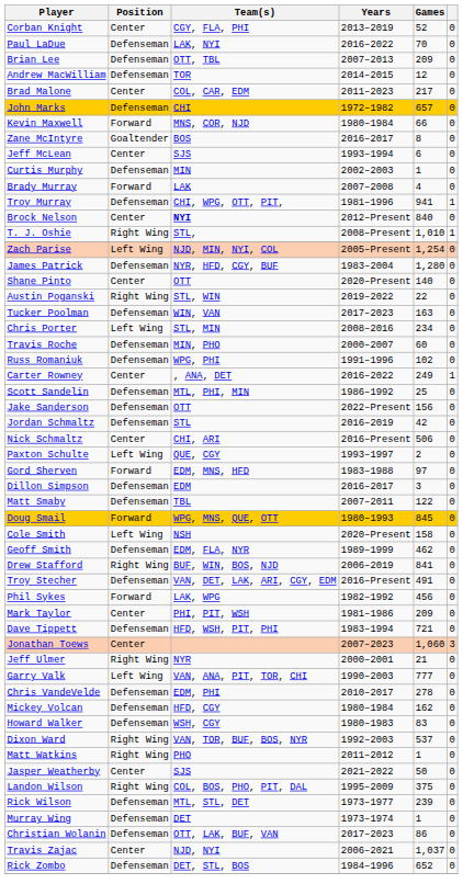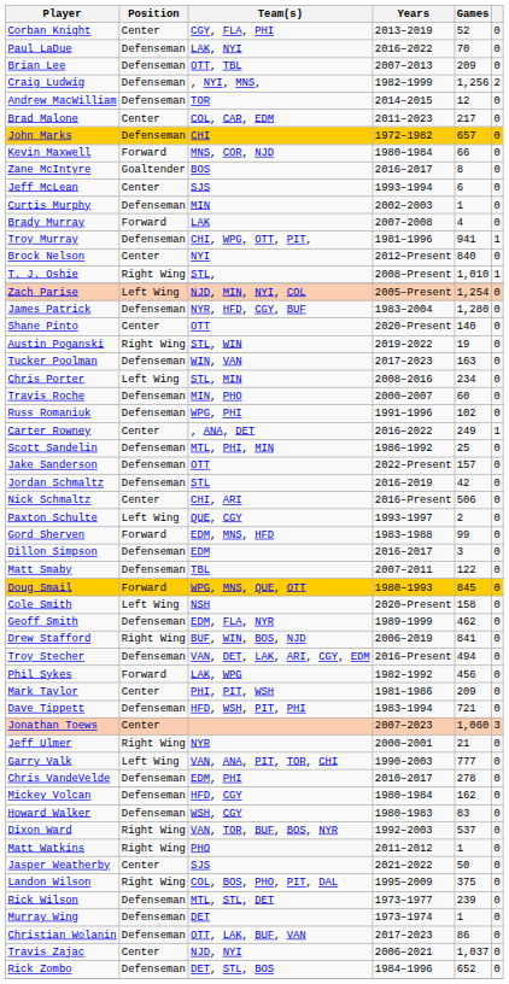 <table class="wikitable sortable">
 <tr>
 <th>Player</th>
 <th>Position</th>
 <th>Team(s)</th>
 <th>Years</th>
 <th>Games</th>
 <th><a href='#'></a></th>
 </tr>
 <tr>
 <td><a href='#'>Corban Knight</a></td>
 <td>Center</td>
 <td><a href='#'>CGY</a>, <a href='#'>FLA</a>, <a href='#'>PHI</a></td>
 <td>2013–2019</td>
 <td>52</td>
 <td>0</td>
 </tr>
 <tr>
 <td><a href='#'>Paul LaDue</a></td>
 <td>Defenseman</td>
 <td><a href='#'>LAK</a>, <a href='#'>NYI</a></td>
 <td>2016–2022</td>
 <td>70</td>
 <td>0</td>
 </tr>
 <tr>
 <td><a href='#'>Brian Lee</a></td>
 <td>Defenseman</td>
 <td><a href='#'>OTT</a>, <a href='#'>TBL</a></td>
 <td>2007–2013</td>
 <td>209</td>
 <td>0</td>
+</tr>
+<tr>
+<td><a href='#'>Craig Ludwig</a></td>
+<td>Defenseman</td>
+<td><span><strong></strong></span>, <a href='#'>NYI</a>, <a href='#'>MNS</a>, <span><strong></strong></span></td>
+<td>1982–1999</td>
+<td>1,256</td>
+<td>2</td>
 </tr>
 <tr>
 <td><a href='#'>Andrew MacWilliam</a></td>
 <td>Defenseman</td>
 <td><a href='#'>TOR</a></td>
 <td>2014–2015</td>
 <td>12</td>
 <td>0</td>
 </tr>
 <tr>
 <td><a href='#'>Brad Malone</a></td>
 <td>Center</td>
 <td><a href='#'>COL</a>, <a href='#'>CAR</a>, <a href='#'>EDM</a></td>
 <td>2011–2023</td>
 <td>217</td>
 <td>0</td>
 </tr>
 <tr bgcolor=#FFCC00>
 <td><a href='#'>John Marks</a></td>
 <td>Defenseman</td>
 <td><a href='#'>CHI</a></td>
 <td>1972–1982</td>
 <td>657</td>
 <td>0</td>
 </tr>
 <tr>
 <td><a href='#'>Kevin Maxwell</a></td>
 <td>Forward</td>
 <td><a href='#'>MNS</a>, <a href='#'>COR</a>, <a href='#'>NJD</a></td>
 <td>1980–1984</td>
 <td>66</td>
 <td>0</td>
 </tr>
 <tr>
 <td><a href='#'>Zane McIntyre</a></td>
 <td>Goaltender</td>
 <td><a href='#'>BOS</a></td>
 <td>2016–2017</td>
 <td>8</td>
 <td>0</td>
 </tr>
 <tr>
 <td><a href='#'>Jeff McLean</a></td>
 <td>Center</td>
 <td><a href='#'>SJS</a></td>
 <td>1993–1994</td>
 <td>6</td>
 <td>0</td>
 </tr>
 <tr>
 <td><a href='#'>Curtis Murphy</a></td>
 <td>Defenseman</td>
 <td><a href='#'>MIN</a></td>
 <td>2002–2003</td>
 <td>1</td>
 <td>0</td>
 </tr>
 <tr>
 <td><a href='#'>Brady Murray</a></td>
 <td>Forward</td>
 <td><a href='#'>LAK</a></td>
 <td>2007–2008</td>
 <td>4</td>
 <td>0</td>
 </tr>
 <tr>
 <td><a href='#'>Troy Murray</a></td>
 <td>Defenseman</td>
 <td><a href='#'>CHI</a>, <a href='#'>WPG</a>, <a href='#'>OTT</a>, <a href='#'>PIT</a>, <span><strong></strong></span></td>
 <td>1981–1996</td>
 <td>941</td>
 <td>1</td>
 </tr>
 <tr>
 <td><a href='#'>Brock Nelson</a></td>
 <td>Center</td>
-<td><strong><a href='#'>NYI</a></strong></td>
+<td><a href='#'>NYI</a></td>
 <td>2012–Present</td>
 <td>840</td>
 <td>0</td>
 </tr>
 <tr>
 <td><a href='#'>T. J. Oshie</a></td>
 <td>Right Wing</td>
 <td><a href='#'>STL</a>, <span><strong></strong></span></td>
 <td>2008–Present</td>
 <td>1,010</td>
 <td>1</td>
 </tr>
 <tr>
 </tr>
 <tr bgcolor=FBCEB1>
 <td><a href='#'>Zach Parise</a></td>
 <td>Left Wing</td>
 <td><a href='#'>NJD</a>, <a href='#'>MIN</a>, <a href='#'>NYI</a>, <a href='#'>COL</a></td>
 <td>2005–Present</td>
 <td>1,254</td>
 <td>0</td>
 </tr>
 <tr>
 <td><a href='#'>James Patrick</a></td>
 <td>Defenseman</td>
 <td><a href='#'>NYR</a>, <a href='#'>HFD</a>, <a href='#'>CGY</a>, <a href='#'>BUF</a></td>
 <td>1983–2004</td>
 <td>1,280</td>
 <td>0</td>
 </tr>
 <tr>
 <td><a href='#'>Shane Pinto</a></td>
 <td>Center</td>
 <td><a href='#'>OTT</a></td>
 <td>2020–Present</td>
 <td>140</td>
 <td>0</td>
 </tr>
 <tr>
 <td><a href='#'>Austin Poganski</a></td>
 <td>Right Wing</td>
 <td><a href='#'>STL</a>, <a href='#'>WIN</a></td>
 <td>2019–2022</td>
-<td>22</td>
+<td>19</td>
 <td>0</td>
 </tr>
 <tr>
 <td><a href='#'>Tucker Poolman</a></td>
 <td>Defenseman</td>
 <td><a href='#'>WIN</a>, <a href='#'>VAN</a></td>
 <td>2017–2023</td>
 <td>163</td>
 <td>0</td>
 </tr>
 <tr>
 <td><a href='#'>Chris Porter</a></td>
 <td>Left Wing</td>
 <td><a href='#'>STL</a>, <a href='#'>MIN</a></td>
 <td>2008–2016</td>
 <td>234</td>
 <td>0</td>
 </tr>
 <tr>
 <td><a href='#'>Travis Roche</a></td>
 <td>Defenseman</td>
 <td><a href='#'>MIN</a>, <a href='#'>PHO</a></td>
 <td>2000–2007</td>
 <td>60</td>
 <td>0</td>
 </tr>
 <tr>
 <td><a href='#'>Russ Romaniuk</a></td>
 <td>Defenseman</td>
 <td><a href='#'>WPG</a>, <a href='#'>PHI</a></td>
 <td>1991–1996</td>
 <td>102</td>
 <td>0</td>
 </tr>
 <tr>
 <td><a href='#'>Carter Rowney</a></td>
 <td>Center</td>
 <td><span><strong></strong></span>, <a href='#'>ANA</a>, <a href='#'>DET</a></td>
 <td>2016–2022</td>
 <td>249</td>
 <td>1</td>
 </tr>
 <tr>
 <td><a href='#'>Scott Sandelin</a></td>
 <td>Defenseman</td>
 <td><a href='#'>MTL</a>, <a href='#'>PHI</a>, <a href='#'>MIN</a></td>
 <td>1986–1992</td>
 <td>25</td>
 <td>0</td>
 </tr>
 <tr>
 <td><a href='#'>Jake Sanderson</a></td>
 <td>Defenseman</td>
 <td><a href='#'>OTT</a></td>
 <td>2022–Present</td>
-<td>156</td>
+<td>157</td>
 <td>0</td>
 </tr>
 <tr>
 <td><a href='#'>Jordan Schmaltz</a></td>
 <td>Defenseman</td>
 <td><a href='#'>STL</a></td>
 <td>2016–2019</td>
 <td>42</td>
 <td>0</td>
 </tr>
 <tr>
 <td><a href='#'>Nick Schmaltz</a></td>
 <td>Center</td>
 <td><a href='#'>CHI</a>, <a href='#'>ARI</a></td>
 <td>2016–Present</td>
 <td>506</td>
 <td>0</td>
 </tr>
 <tr>
 <td><a href='#'>Paxton Schulte</a></td>
 <td>Left Wing</td>
 <td><a href='#'>QUE</a>, <a href='#'>CGY</a></td>
 <td>1993–1997</td>
 <td>2</td>
 <td>0</td>
 </tr>
 <tr>
 <td><a href='#'>Gord Sherven</a></td>
 <td>Forward</td>
 <td><a href='#'>EDM</a>, <a href='#'>MNS</a>, <a href='#'>HFD</a></td>
 <td>1983–1988</td>
-<td>97</td>
+<td>99</td>
 <td>0</td>
 </tr>
 <tr>
 <td><a href='#'>Dillon Simpson</a></td>
 <td>Defenseman</td>
 <td><a href='#'>EDM</a></td>
 <td>2016–2017</td>
 <td>3</td>
 <td>0</td>
 </tr>
 <tr>
 <td><a href='#'>Matt Smaby</a></td>
 <td>Defenseman</td>
 <td><a href='#'>TBL</a></td>
 <td>2007–2011</td>
 <td>122</td>
 <td>0</td>
 </tr>
 <tr bgcolor=#FFCC00>
 <td><a href='#'>Doug Smail</a></td>
 <td>Forward</td>
 <td><a href='#'>WPG</a>, <a href='#'>MNS</a>, <a href='#'>QUE</a>, <a href='#'>OTT</a></td>
 <td>1980–1993</td>
 <td>845</td>
 <td>0</td>
 </tr>
 <tr>
 <td><a href='#'>Cole Smith</a></td>
 <td>Left Wing</td>
 <td><a href='#'>NSH</a></td>
 <td>2020–Present</td>
 <td>158</td>
 <td>0</td>
 </tr>
 <tr>
 <td><a href='#'>Geoff Smith</a></td>
 <td>Defenseman</td>
 <td><a href='#'>EDM</a>, <a href='#'>FLA</a>, <a href='#'>NYR</a></td>
 <td>1989–1999</td>
 <td>462</td>
 <td>0</td>
 </tr>
 <tr>
 <td><a href='#'>Drew Stafford</a></td>
 <td>Right Wing</td>
 <td><a href='#'>BUF</a>, <a href='#'>WIN</a>, <a href='#'>BOS</a>, <a href='#'>NJD</a></td>
 <td>2006–2019</td>
 <td>841</td>
 <td>0</td>
 </tr>
 <tr>
 <td><a href='#'>Troy Stecher</a></td>
 <td>Defenseman</td>
 <td><a href='#'>VAN</a>, <a href='#'>DET</a>, <a href='#'>LAK</a>, <a href='#'>ARI</a>, <a href='#'>CGY</a>, <a href='#'>EDM</a></td>
 <td>2016–Present</td>
-<td>491</td>
+<td>494</td>
 <td>0</td>
 </tr>
 <tr>
 <td><a href='#'>Phil Sykes</a></td>
 <td>Forward</td>
 <td><a href='#'>LAK</a>, <a href='#'>WPG</a></td>
 <td>1982–1992</td>
 <td>456</td>
 <td>0</td>
 </tr>
 <tr>
 <td><a href='#'>Mark Taylor</a></td>
 <td>Center</td>
 <td><a href='#'>PHI</a>, <a href='#'>PIT</a>, <a href='#'>WSH</a></td>
 <td>1981–1986</td>
 <td>209</td>
 <td>0</td>
 </tr>
 <tr>
 <td><a href='#'>Dave Tippett</a></td>
 <td>Defenseman</td>
 <td><a href='#'>HFD</a>, <a href='#'>WSH</a>, <a href='#'>PIT</a>, <a href='#'>PHI</a></td>
 <td>1983–1994</td>
 <td>721</td>
 <td>0</td>
 </tr>
 <tr bgcolor=FBCEB1>
 <td><a href='#'>Jonathan Toews</a></td>
 <td>Center</td>
 <td><span><strong></strong></span></td>
 <td>2007–2023</td>
 <td>1,060</td>
 <td>3</td>
 </tr>
 <tr>
 <td><a href='#'>Jeff Ulmer</a></td>
 <td>Right Wing</td>
 <td><a href='#'>NYR</a></td>
 <td>2000–2001</td>
 <td>21</td>
 <td>0</td>
 </tr>
 <tr>
 <td><a href='#'>Garry Valk</a></td>
 <td>Left Wing</td>
 <td><a href='#'>VAN</a>, <a href='#'>ANA</a>, <a href='#'>PIT</a>, <a href='#'>TOR</a>, <a href='#'>CHI</a></td>
 <td>1990–2003</td>
 <td>777</td>
 <td>0</td>
 </tr>
 <tr>
 <td><a href='#'>Chris VandeVelde</a></td>
 <td>Defenseman</td>
 <td><a href='#'>EDM</a>, <a href='#'>PHI</a></td>
 <td>2010–2017</td>
 <td>278</td>
 <td>0</td>
 </tr>
 <tr>
 <td><a href='#'>Mickey Volcan</a></td>
 <td>Defenseman</td>
 <td><a href='#'>HFD</a>, <a href='#'>CGY</a></td>
 <td>1980–1984</td>
 <td>162</td>
 <td>0</td>
 </tr>
 <tr>
 <td><a href='#'>Howard Walker</a></td>
 <td>Defenseman</td>
 <td><a href='#'>WSH</a>, <a href='#'>CGY</a></td>
 <td>1980–1983</td>
 <td>83</td>
 <td>0</td>
 </tr>
 <tr>
 <td><a href='#'>Dixon Ward</a></td>
 <td>Right Wing</td>
 <td><a href='#'>VAN</a>, <a href='#'>TOR</a>, <a href='#'>BUF</a>, <a href='#'>BOS</a>, <a href='#'>NYR</a></td>
 <td>1992–2003</td>
 <td>537</td>
 <td>0</td>
 </tr>
 <tr>
 <td><a href='#'>Matt Watkins</a></td>
 <td>Right Wing</td>
 <td><a href='#'>PHO</a></td>
 <td>2011–2012</td>
 <td>1</td>
 <td>0</td>
 </tr>
 <tr>
 <td><a href='#'>Jasper Weatherby</a></td>
 <td>Center</td>
 <td><a href='#'>SJS</a></td>
 <td>2021–2022</td>
 <td>50</td>
 <td>0</td>
 </tr>
 <tr>
 <td><a href='#'>Landon Wilson</a></td>
 <td>Right Wing</td>
 <td><a href='#'>COL</a>, <a href='#'>BOS</a>, <a href='#'>PHO</a>, <a href='#'>PIT</a>, <a href='#'>DAL</a></td>
 <td>1995–2009</td>
 <td>375</td>
 <td>0</td>
 </tr>
 <tr>
 <td><a href='#'>Rick Wilson</a></td>
 <td>Defenseman</td>
 <td><a href='#'>MTL</a>, <a href='#'>STL</a>, <a href='#'>DET</a></td>
 <td>1973–1977</td>
 <td>239</td>
 <td>0</td>
 </tr>
 <tr>
 <td><a href='#'>Murray Wing</a></td>
 <td>Defenseman</td>
 <td><a href='#'>DET</a></td>
 <td>1973–1974</td>
 <td>1</td>
 <td>0</td>
 </tr>
 <tr>
 <td><a href='#'>Christian Wolanin</a></td>
 <td>Defenseman</td>
 <td><a href='#'>OTT</a>, <a href='#'>LAK</a>, <a href='#'>BUF</a>, <a href='#'>VAN</a></td>
 <td>2017–2023</td>
 <td>86</td>
 <td>0</td>
 </tr>
 <tr>
 <td><a href='#'>Travis Zajac</a></td>
 <td>Center</td>
 <td><a href='#'>NJD</a>, <a href='#'>NYI</a></td>
 <td>2006–2021</td>
 <td>1,037</td>
 <td>0</td>
 </tr>
 <tr>
 <td><a href='#'>Rick Zombo</a></td>
 <td>Defenseman</td>
 <td><a href='#'>DET</a>, <a href='#'>STL</a>, <a href='#'>BOS</a></td>
 <td>1984–1996</td>
 <td>652</td>
 <td>0</td>
 </tr>
 <tr>
 </tr>
 </table>
